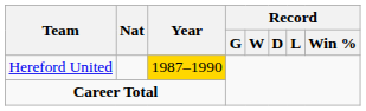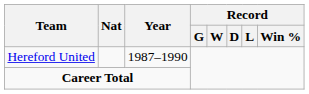 <table class="wikitable" style="text-align: center">
 <tr>
 <th rowspan="2">Team</th>
 <th rowspan="2">Nat</th>
 <th rowspan="2">Year</th>
 <th colspan="5">Record</th>
 </tr>
 <tr>
 <th>G</th>
 <th>W</th>
 <th>D</th>
 <th>L</th>
 <th>Win %</th>
 </tr>
 <tr>
 <td style="text-align:left;"><a href='#'>Hereford United</a></td>
 <td></td>
-<td style="background: gold;">1987–1990<br></td>
+<td>1987–1990<br></td>
 </tr>
 <tr>
 <td colspan=3><strong>Career Total</strong><br></td>
 </tr>
 </table>
